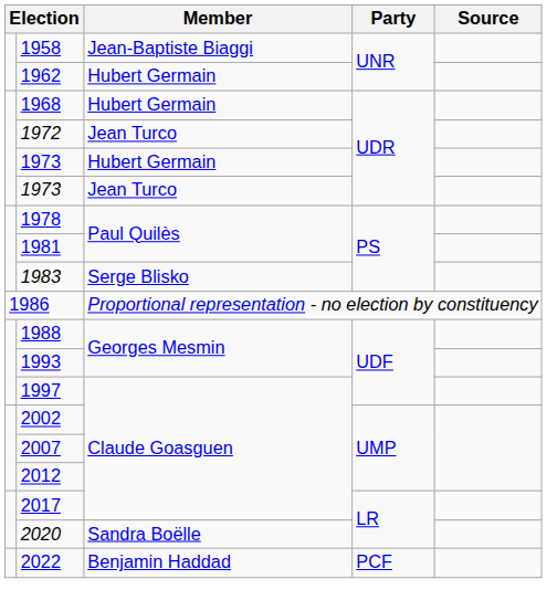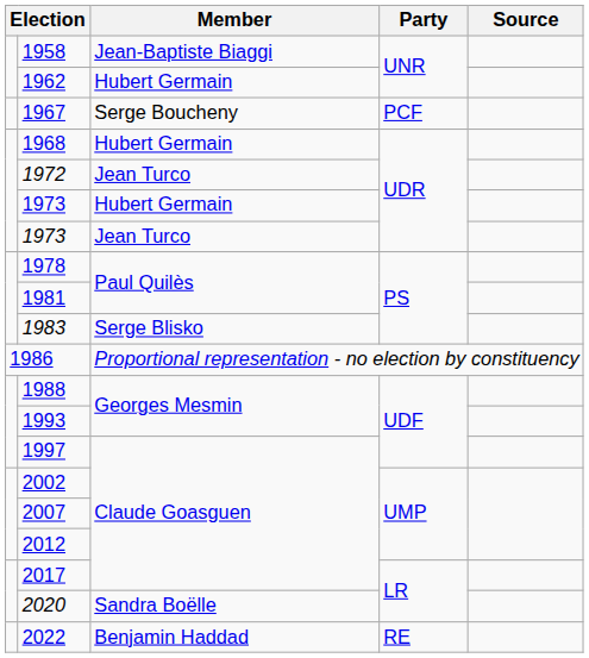 <table class="wikitable">
 <tr>
 <th colspan="2">Election</th>
 <th>Member</th>
 <th>Party</th>
 <th>Source</th>
 </tr>
 <tr>
 <td rowspan="2" style="color:inherit;background-color: "></td>
 <td><a href='#'>1958</a></td>
 <td><a href='#'>Jean-Baptiste Biaggi</a></td>
 <td rowspan="2"><a href='#'>UNR</a></td>
 <td></td>
 </tr>
 <tr>
 <td><a href='#'>1962</a></td>
 <td><a href='#'>Hubert Germain</a></td>
+<td></td>
+</tr>
+<tr>
+<td style="color:inherit;background-color: "></td>
+<td><a href='#'>1967</a></td>
+<td>Serge Boucheny</td>
+<td><a href='#'>PCF</a></td>
 <td></td>
 </tr>
 <tr>
 <td rowspan="4" style="color:inherit;background-color: "></td>
 <td><a href='#'>1968</a></td>
 <td><a href='#'>Hubert Germain</a></td>
 <td rowspan="4"><a href='#'>UDR</a></td>
 <td></td>
 </tr>
 <tr>
 <td><em>1972</em></td>
 <td><a href='#'>Jean Turco</a></td>
 <td></td>
 </tr>
 <tr>
 <td><a href='#'>1973</a></td>
 <td><a href='#'>Hubert Germain</a></td>
 <td></td>
 </tr>
 <tr>
 <td><em>1973</em></td>
 <td><a href='#'>Jean Turco</a></td>
 <td></td>
 </tr>
 <tr>
 <td rowspan="3" style="color:inherit;background-color: "></td>
 <td><a href='#'>1978</a></td>
 <td rowspan="2"><a href='#'>Paul Quilès</a></td>
 <td rowspan="3"><a href='#'>PS</a></td>
 <td></td>
 </tr>
 <tr>
 <td><a href='#'>1981</a></td>
 <td></td>
 </tr>
 <tr>
 <td><em>1983</em></td>
 <td><a href='#'>Serge Blisko</a></td>
 <td></td>
 </tr>
 <tr>
 <td colspan="2"><a href='#'>1986</a></td>
 <td colspan="3"><em><a href='#'>Proportional representation</a> - no election by constituency</em></td>
 </tr>
 <tr>
 <td rowspan="3" style="color:inherit;background-color: "></td>
 <td><a href='#'>1988</a></td>
 <td rowspan="2"><a href='#'>Georges Mesmin</a></td>
 <td rowspan="3"><a href='#'>UDF</a></td>
 <td></td>
 </tr>
 <tr>
 <td><a href='#'>1993</a></td>
 <td></td>
 </tr>
 <tr>
 <td><a href='#'>1997</a></td>
 <td rowspan="5"><a href='#'>Claude Goasguen</a></td>
 <td></td>
 </tr>
 <tr>
 <td rowspan="3" style="color:inherit;background-color: "></td>
 <td><a href='#'>2002</a></td>
 <td rowspan="3"><a href='#'>UMP</a></td>
 <td rowspan="3"></td>
 </tr>
 <tr>
 <td><a href='#'>2007</a></td>
 </tr>
 <tr>
 <td><a href='#'>2012</a></td>
 </tr>
 <tr>
 <td rowspan="2" style="color:inherit;background:"></td>
 <td><a href='#'>2017</a></td>
 <td rowspan="2"><a href='#'>LR</a></td>
 <td></td>
 </tr>
 <tr>
 <td><em>2020</em></td>
 <td><a href='#'>Sandra Boëlle</a></td>
 <td></td>
 </tr>
 <tr>
 <td style="color:inherit;background:"></td>
 <td><a href='#'>2022</a></td>
 <td><a href='#'>Benjamin Haddad</a></td>
-<td><a href='#'>PCF</a></td>
+<td><a href='#'>RE</a></td>
 <td></td>
 </tr>
 </table>
